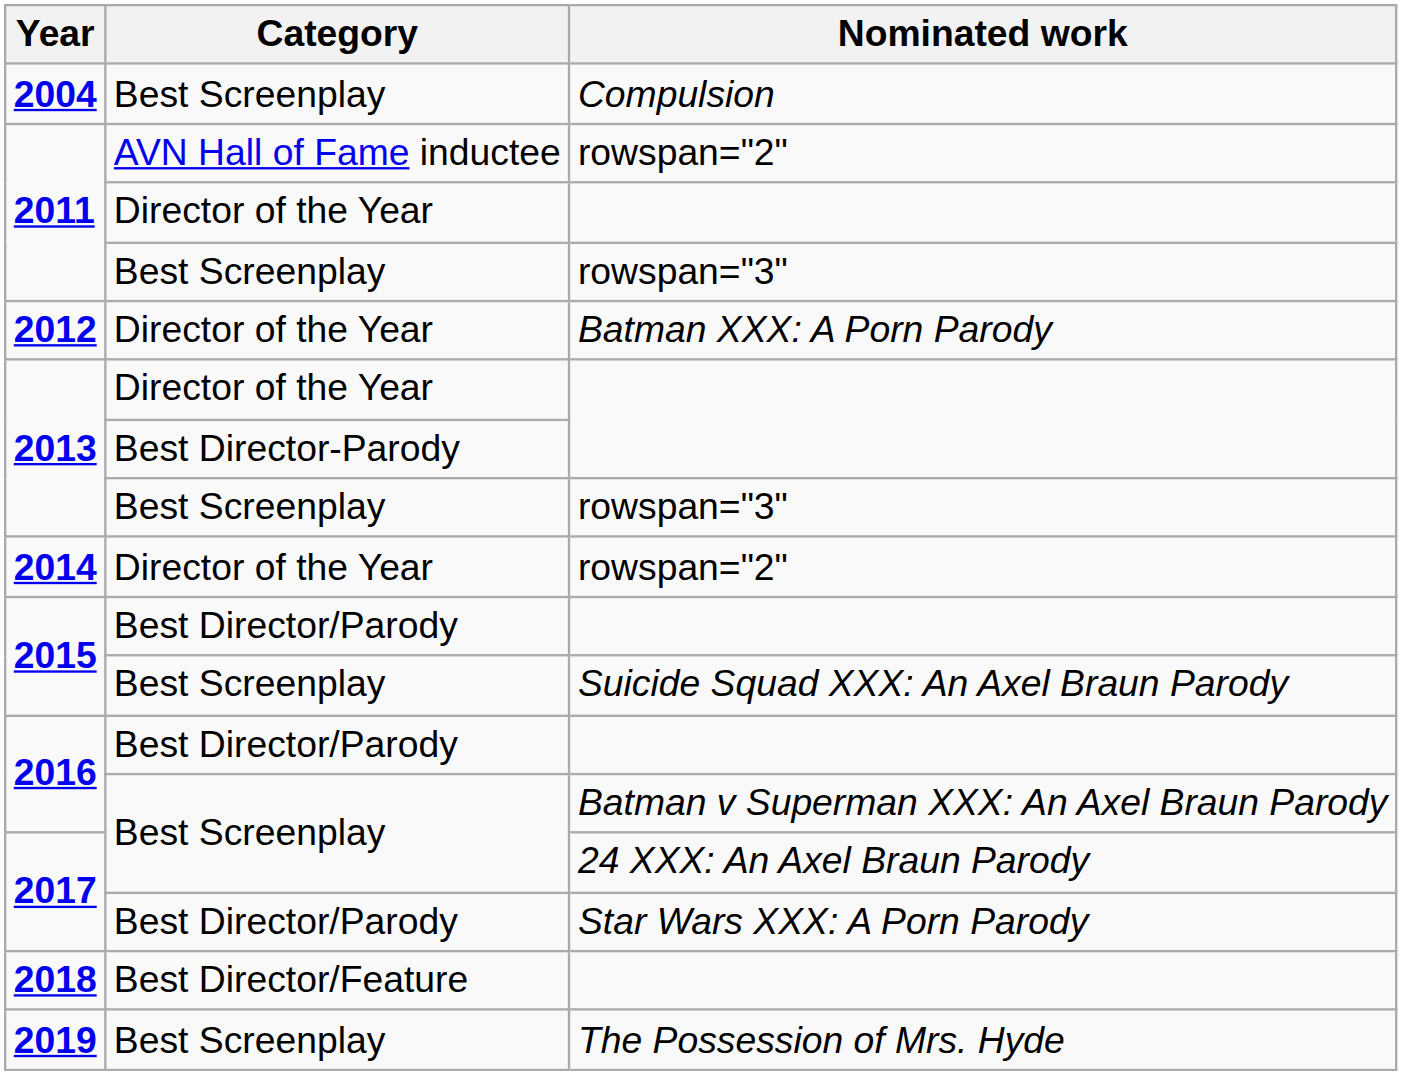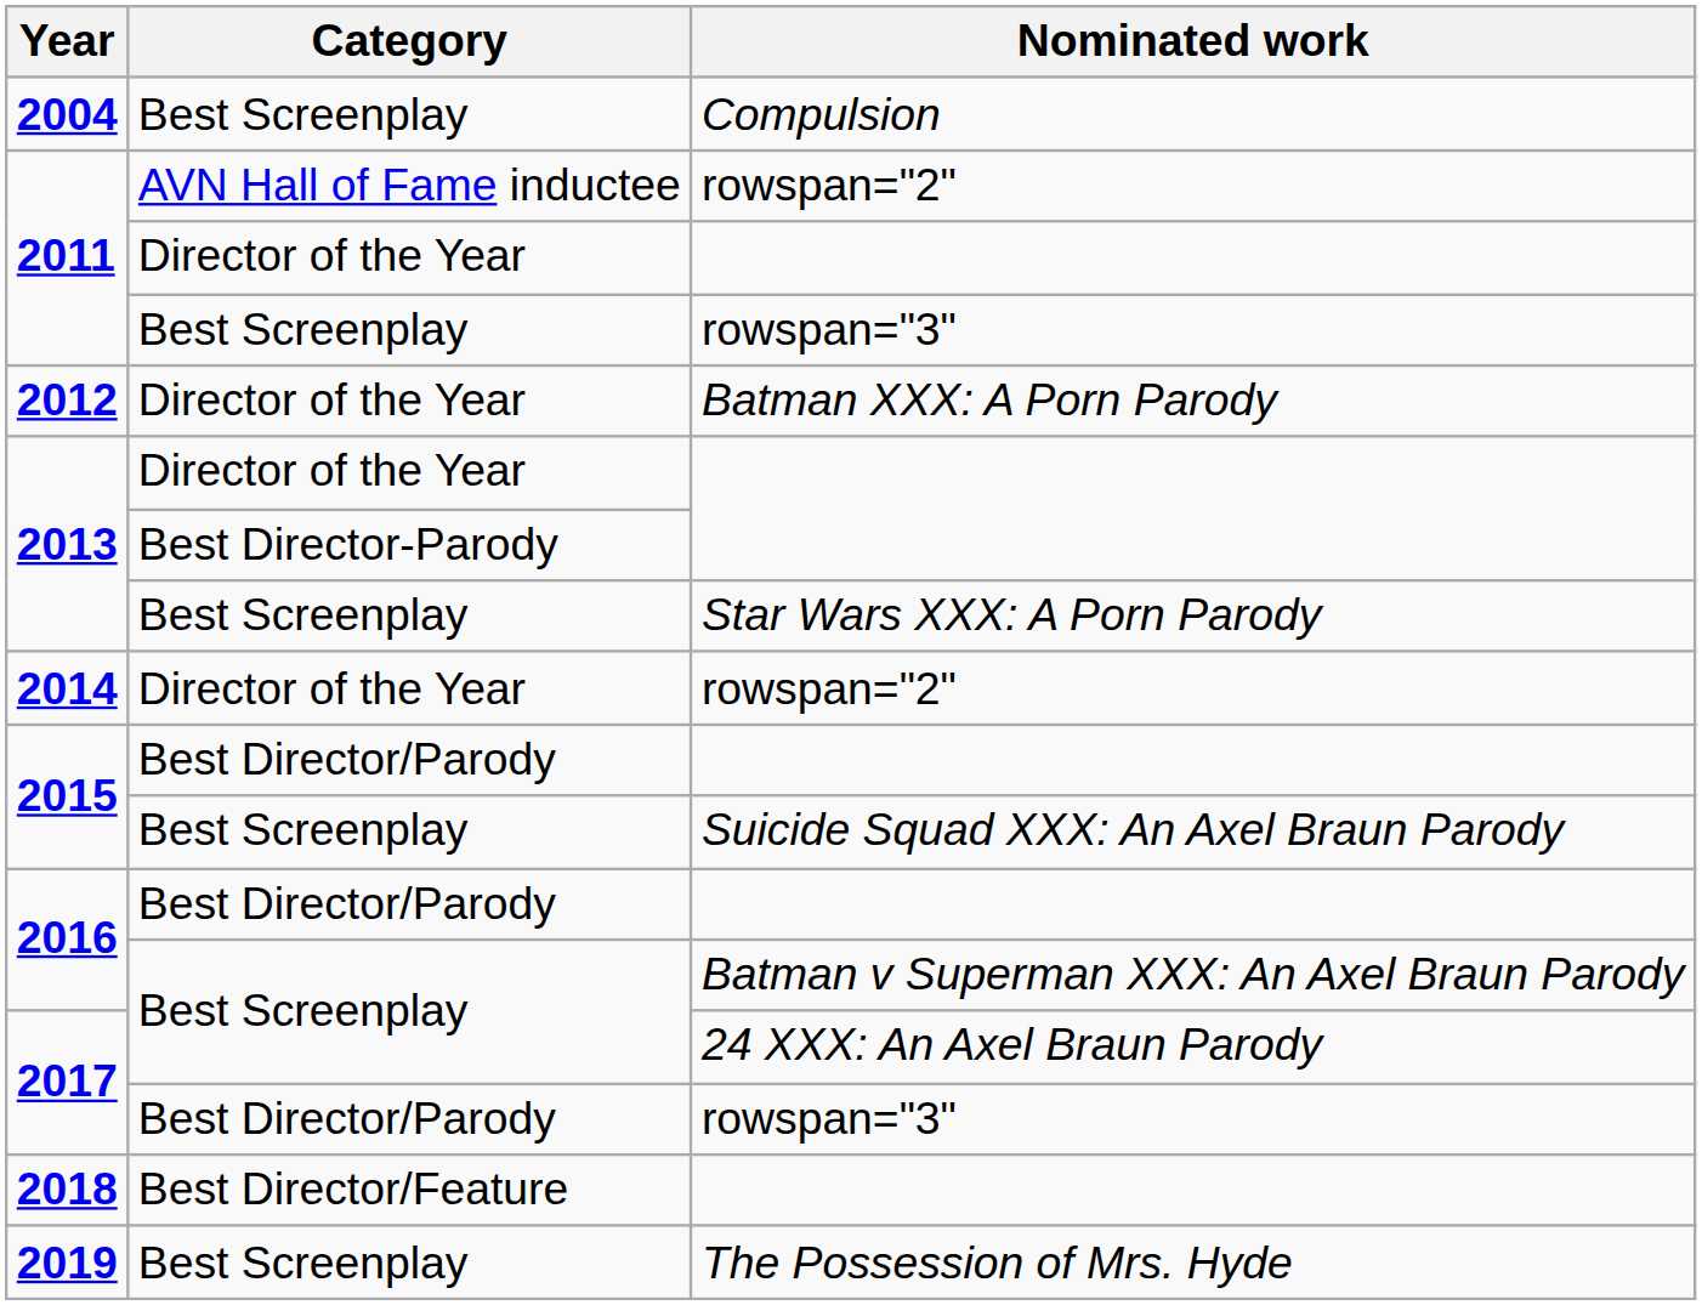 <table class="wikitable">
 <tr>
 <th>Year</th>
 <th>Category</th>
 <th>Nominated work</th>
 </tr>
 <tr>
 <td><strong><a href='#'>2004</a></strong></td>
 <td>Best Screenplay</td>
 <td><em>Compulsion</em></td>
 </tr>
 <tr>
 <td rowspan="3"><strong><a href='#'>2011</a></strong></td>
 <td><a href='#'>AVN Hall of Fame</a> inductee</td>
 <td>rowspan="2" </td>
 </tr>
 <tr>
 <td>Director of the Year</td>
 </tr>
 <tr>
 <td>Best Screenplay</td>
 <td>rowspan="3" </td>
 </tr>
 <tr>
 <td><strong><a href='#'>2012</a></strong></td>
 <td rowspan="2">Director of the Year</td>
 <td><em>Batman XXX: A Porn Parody</em></td>
 </tr>
 <tr>
 <td rowspan="4"><strong><a href='#'>2013</a></strong></td>
 </tr>
 <tr>
 <td>Director of the Year</td>
 </tr>
 <tr>
 <td>Best Director-Parody</td>
 </tr>
 <tr>
 <td>Best Screenplay</td>
-<td>rowspan="3" </td>
+<td><em>Star Wars XXX: A Porn Parody</em></td>
 </tr>
 <tr>
 <td><strong><a href='#'>2014</a></strong></td>
 <td>Director of the Year</td>
 <td>rowspan="2" </td>
 </tr>
 <tr>
 <td rowspan="2"><strong><a href='#'>2015</a></strong></td>
 <td>Best Director/Parody</td>
 </tr>
 <tr>
 <td>Best Screenplay</td>
 <td><em>Suicide Squad XXX: An Axel Braun Parody</em></td>
 </tr>
 <tr>
 <td rowspan="2"><strong><a href='#'>2016</a></strong></td>
 <td>Best Director/Parody</td>
 <td></td>
 </tr>
 <tr>
 <td rowspan="2">Best Screenplay</td>
 <td><em>Batman v Superman XXX: An Axel Braun Parody</em></td>
 </tr>
 <tr>
 <td rowspan="2"><strong><a href='#'>2017</a></strong></td>
 <td><em>24 XXX: An Axel Braun Parody</em></td>
 </tr>
 <tr>
 <td>Best Director/Parody</td>
-<td><em>Star Wars XXX: A Porn Parody</em></td>
+<td>rowspan="3" </td>
 </tr>
 <tr>
 <td><strong><a href='#'>2018</a></strong></td>
 <td rowspan="2">Best Director/Feature</td>
 </tr>
 <tr>
 <td rowspan="2"><strong><a href='#'>2019</a></strong></td>
 </tr>
 <tr>
 <td>Best Screenplay</td>
 <td><em>The Possession of Mrs. Hyde</em></td>
 </tr>
 </table>
